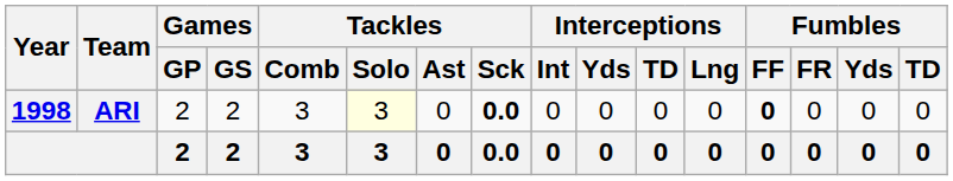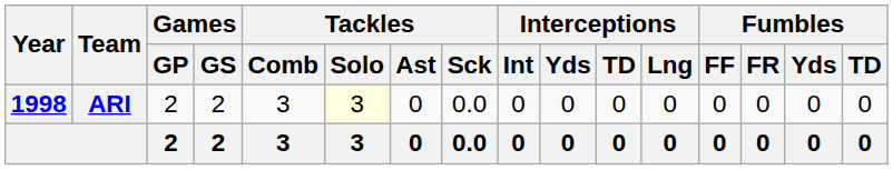 <table class="wikitable" style="text-align:center">
 <tr>
 <th rowspan="2">Year</th>
 <th rowspan="2">Team</th>
 <th colspan="2">Games</th>
 <th colspan="4">Tackles</th>
 <th colspan="4">Interceptions</th>
 <th colspan="4">Fumbles</th>
 </tr>
 <tr>
 <th>GP</th>
 <th>GS</th>
 <th>Comb</th>
 <th>Solo</th>
 <th>Ast</th>
 <th>Sck</th>
 <th>Int</th>
 <th>Yds</th>
 <th>TD</th>
 <th>Lng</th>
 <th>FF</th>
 <th>FR</th>
 <th>Yds</th>
 <th>TD</th>
 </tr>
 <tr>
 <th><a href='#'>1998</a></th>
 <th><a href='#'>ARI</a></th>
 <td>2</td>
 <td>2</td>
 <td>3</td>
 <td style="background: lightyellow;">3</td>
 <td>0</td>
-<td><strong>0.0</strong></td>
+<td>0.0</td>
 <td>0</td>
 <td>0</td>
 <td>0</td>
 <td>0</td>
-<td><strong>0</strong></td>
+<td>0</td>
 <td>0</td>
 <td>0</td>
 <td>0</td>
 </tr>
 <tr>
 <th colspan="2"></th>
 <th>2</th>
 <th>2</th>
 <th>3</th>
 <th>3</th>
 <th>0</th>
 <th>0.0</th>
 <th>0</th>
 <th>0</th>
 <th>0</th>
 <th>0</th>
 <th>0</th>
 <th>0</th>
 <th>0</th>
 <th>0</th>
 </tr>
 </table>
